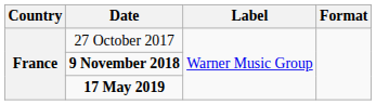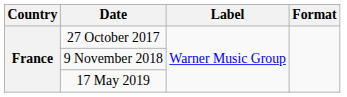 <table class="wikitable plainrowheaders" style="text-align:center;">
 <tr>
 <th>Country</th>
 <th>Date</th>
 <th>Label</th>
 <th>Format</th>
 </tr>
 <tr>
 <th scope="row" rowspan="3">France</th>
 <td>27 October 2017</td>
 <td rowspan="3"><a href='#'>Warner Music Group</a></td>
 <td rowspan="3"></td>
 </tr>
 <tr>
-<td><strong>9 November 2018</strong></td>
+<td>9 November 2018</td>
 </tr>
 <tr>
-<td><strong>17 May 2019</strong></td>
+<td>17 May 2019</td>
 </tr>
 </table>
